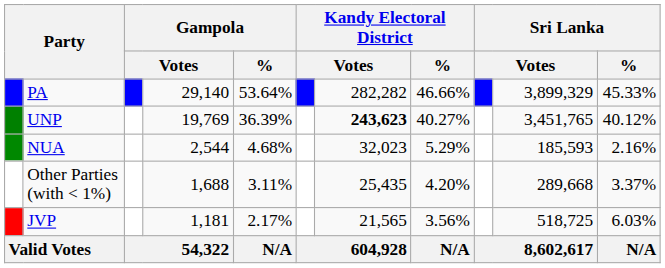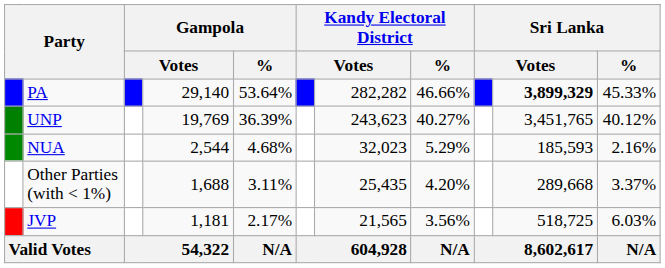 <table class="wikitable">
 <tr>
 <th colspan="2" width="144px"rowspan="2">Party</th>
 <th colspan="3" width="216px">Gampola</th>
 <th colspan="3" width="216px"><a href='#'>Kandy Electoral District</a></th>
 <th colspan="3" width="216px">Sri Lanka</th>
 </tr>
 <tr>
 <th colspan="2" width="144px">Votes</th>
 <th>%</th>
 <th colspan="2" width="144px">Votes</th>
 <th>%</th>
 <th colspan="2" width="144px">Votes</th>
 <th>%</th>
 </tr>
 <tr>
 <td style="background-color:blue;" width="10px"></td>
 <td style="text-align:left;"><a href='#'>PA</a></td>
 <td style="background-color:blue;" width="10px"></td>
 <td style="text-align:right;">29,140</td>
 <td style="text-align:right;">53.64%</td>
 <td style="background-color:blue;" width="10px"></td>
 <td style="text-align:right;">282,282</td>
 <td style="text-align:right;">46.66%</td>
 <td style="background-color:blue;" width="10px"></td>
-<td style="text-align:right;">3,899,329</td>
+<td style="text-align:right;"><strong>3,899,329</strong></td>
 <td style="text-align:right;">45.33%</td>
 </tr>
 <tr>
 <td style="background-color:green;" width="10px"></td>
 <td style="text-align:left;"><a href='#'>UNP</a></td>
 <td style="background-color:white;" width="10px"></td>
 <td style="text-align:right;">19,769</td>
 <td style="text-align:right;">36.39%</td>
 <td style="background-color:white;" width="10px"></td>
-<td style="text-align:right;"><strong>243,623</strong></td>
+<td style="text-align:right;">243,623</td>
 <td style="text-align:right;">40.27%</td>
 <td style="background-color:white;" width="10px"></td>
 <td style="text-align:right;">3,451,765</td>
 <td style="text-align:right;">40.12%</td>
 </tr>
 <tr>
 <td style="background-color:#008800;" width="10px"></td>
 <td style="text-align:left;"><a href='#'>NUA</a></td>
 <td style="background-color:white;" width="10px"></td>
 <td style="text-align:right;">2,544</td>
 <td style="text-align:right;">4.68%</td>
 <td style="background-color:white;" width="10px"></td>
 <td style="text-align:right;">32,023</td>
 <td style="text-align:right;">5.29%</td>
 <td style="background-color:white;" width="10px"></td>
 <td style="text-align:right;">185,593</td>
 <td style="text-align:right;">2.16%</td>
 </tr>
 <tr>
 <td style="background-color:white;" width="10px"></td>
 <td style="text-align:left;">Other Parties (with < 1%)</td>
 <td style="background-color:white;" width="10px"></td>
 <td style="text-align:right;">1,688</td>
 <td style="text-align:right;">3.11%</td>
 <td style="background-color:white;" width="10px"></td>
 <td style="text-align:right;">25,435</td>
 <td style="text-align:right;">4.20%</td>
 <td style="background-color:white;" width="10px"></td>
 <td style="text-align:right;">289,668</td>
 <td style="text-align:right;">3.37%</td>
 </tr>
 <tr>
 <td style="background-color:red;" width="10px"></td>
 <td style="text-align:left;"><a href='#'>JVP</a></td>
 <td style="background-color:white;" width="10px"></td>
 <td style="text-align:right;">1,181</td>
 <td style="text-align:right;">2.17%</td>
 <td style="background-color:white;" width="10px"></td>
 <td style="text-align:right;">21,565</td>
 <td style="text-align:right;">3.56%</td>
 <td style="background-color:white;" width="10px"></td>
 <td style="text-align:right;">518,725</td>
 <td style="text-align:right;">6.03%</td>
 </tr>
 <tr>
 <th colspan="2" width="144px"style="text-align:left;">Valid Votes</th>
 <th style="text-align:right;"colspan="2" width="144px">54,322</th>
 <th style="text-align:right;">N/A</th>
 <th style="text-align:right;"colspan="2" width="144px">604,928</th>
 <th style="text-align:right;">N/A</th>
 <th style="text-align:right;"colspan="2" width="144px">8,602,617</th>
 <th style="text-align:right;">N/A</th>
 </tr>
 </table>
